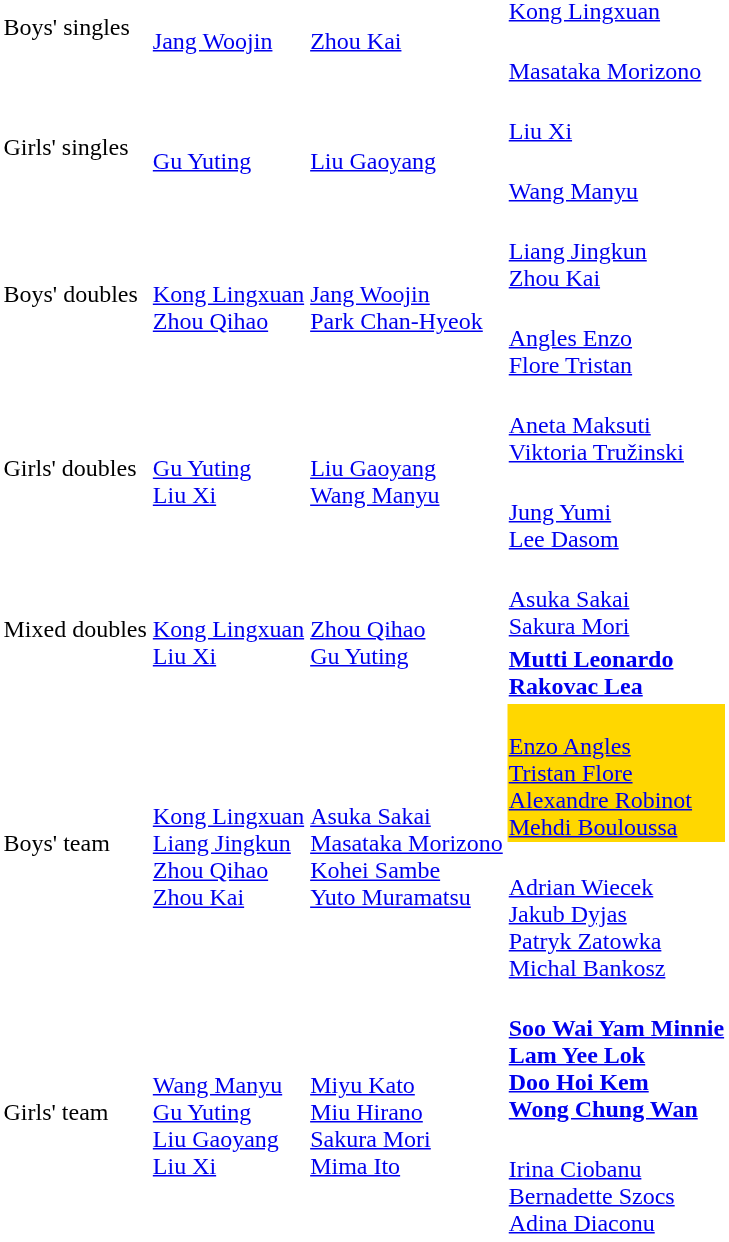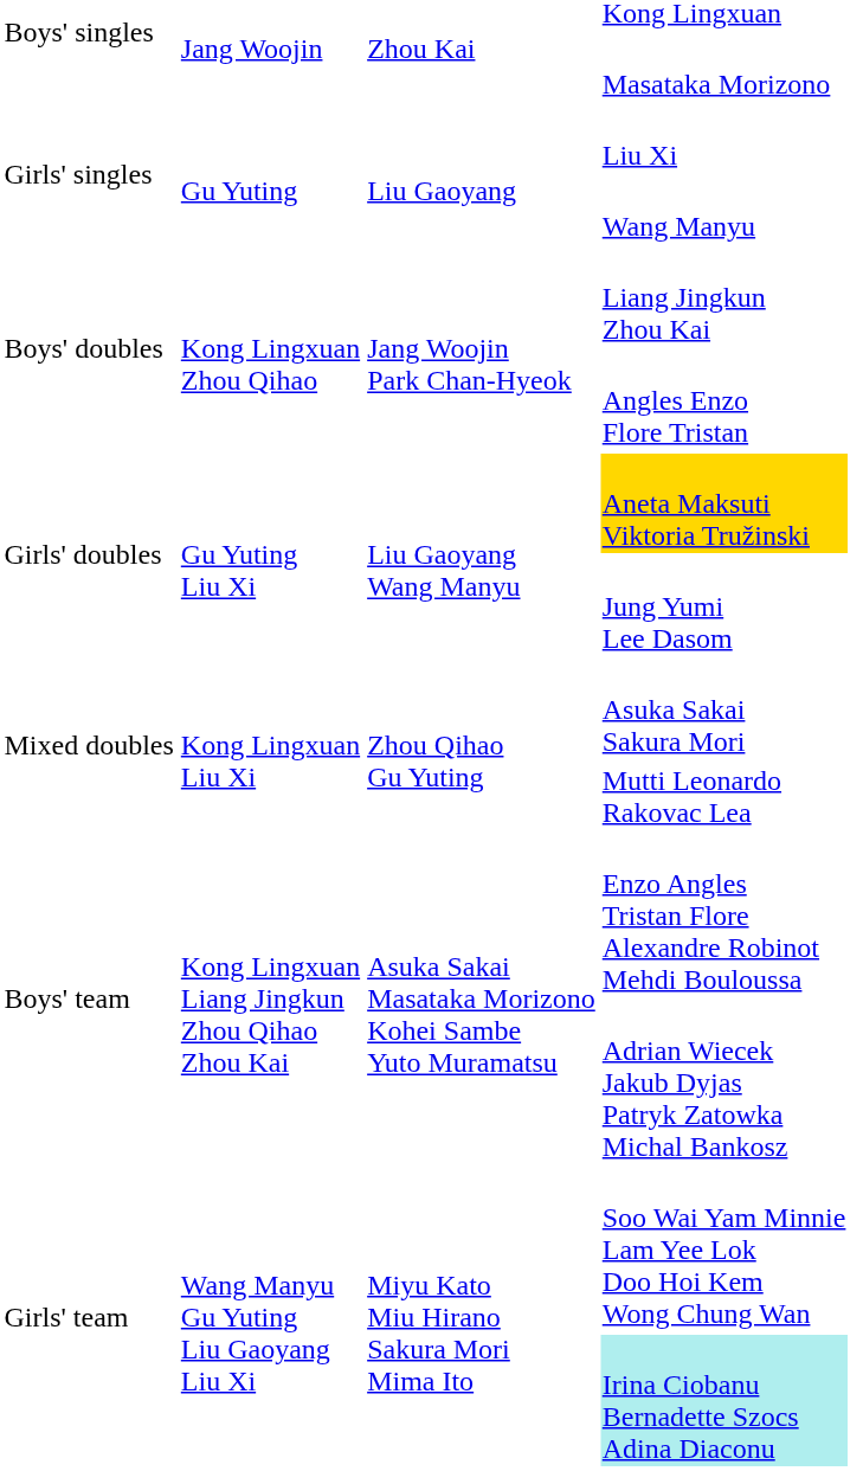 <table>
 <tr>
 <td rowspan=2>Boys' singles</td>
 <td rowspan=2><br><a href='#'>Jang Woojin</a></td>
 <td rowspan=2><br><a href='#'>Zhou Kai</a></td>
 <td><br><a href='#'>Kong Lingxuan</a></td>
 </tr>
 <tr>
 <td><br><a href='#'>Masataka Morizono</a></td>
 </tr>
 <tr>
 <td rowspan=2>Girls' singles</td>
 <td rowspan=2><br><a href='#'>Gu Yuting</a></td>
 <td rowspan=2><br><a href='#'>Liu Gaoyang</a></td>
 <td><br><a href='#'>Liu Xi</a></td>
 </tr>
 <tr>
 <td><br><a href='#'>Wang Manyu</a></td>
 </tr>
 <tr>
 <td rowspan=2>Boys' doubles</td>
 <td rowspan=2><br><a href='#'>Kong Lingxuan</a><br><a href='#'>Zhou Qihao</a></td>
 <td rowspan=2><br><a href='#'>Jang Woojin</a><br><a href='#'>Park Chan-Hyeok</a></td>
 <td><br><a href='#'>Liang Jingkun</a><br><a href='#'>Zhou Kai</a></td>
 </tr>
 <tr>
 <td><br><a href='#'>Angles Enzo</a><br><a href='#'>Flore Tristan</a></td>
 </tr>
 <tr>
 <td rowspan=2>Girls' doubles</td>
 <td rowspan=2><br><a href='#'>Gu Yuting</a><br><a href='#'>Liu Xi</a></td>
 <td rowspan=2><br><a href='#'>Liu Gaoyang</a><br><a href='#'>Wang Manyu</a></td>
-<td><br><a href='#'>Aneta Maksuti</a><br><a href='#'>Viktoria Tružinski</a></td>
+<td style="background: gold;"><br><a href='#'>Aneta Maksuti</a><br><a href='#'>Viktoria Tružinski</a></td>
 </tr>
 <tr>
 <td><br><a href='#'>Jung Yumi</a><br><a href='#'>Lee Dasom</a></td>
 </tr>
 <tr>
 <td rowspan=2>Mixed doubles</td>
 <td rowspan=2><br><a href='#'>Kong Lingxuan</a><br><a href='#'>Liu Xi</a></td>
 <td rowspan=2><br><a href='#'>Zhou Qihao</a><br><a href='#'>Gu Yuting</a></td>
 <td><br><a href='#'>Asuka Sakai</a><br><a href='#'>Sakura Mori</a></td>
 </tr>
 <tr>
-<td><strong> <a href='#'>Mutti Leonardo</a><br> <a href='#'>Rakovac Lea</a></strong></td>
+<td> <a href='#'>Mutti Leonardo</a><br> <a href='#'>Rakovac Lea</a></td>
 </tr>
 <tr>
 <td rowspan=2>Boys' team</td>
 <td rowspan=2><br><a href='#'>Kong Lingxuan</a><br><a href='#'>Liang Jingkun</a><br><a href='#'>Zhou Qihao</a><br><a href='#'>Zhou Kai</a></td>
 <td rowspan=2><br><a href='#'>Asuka Sakai</a><br><a href='#'>Masataka Morizono</a><br><a href='#'>Kohei Sambe</a><br><a href='#'>Yuto Muramatsu</a></td>
-<td style="background: gold;"><br><a href='#'>Enzo Angles</a><br><a href='#'>Tristan Flore</a><br><a href='#'>Alexandre Robinot</a><br><a href='#'>Mehdi Bouloussa</a></td>
+<td><br><a href='#'>Enzo Angles</a><br><a href='#'>Tristan Flore</a><br><a href='#'>Alexandre Robinot</a><br><a href='#'>Mehdi Bouloussa</a></td>
 </tr>
 <tr>
 <td><br><a href='#'>Adrian Wiecek</a><br><a href='#'>Jakub Dyjas</a><br><a href='#'>Patryk Zatowka</a><br><a href='#'>Michal Bankosz</a></td>
 </tr>
 <tr>
 <td rowspan=2>Girls' team</td>
 <td rowspan=2><br><a href='#'>Wang Manyu</a><br><a href='#'>Gu Yuting</a><br><a href='#'>Liu Gaoyang</a><br><a href='#'>Liu Xi</a></td>
 <td rowspan=2><br><a href='#'>Miyu Kato</a><br><a href='#'>Miu Hirano</a><br><a href='#'>Sakura Mori</a><br><a href='#'>Mima Ito</a></td>
-<td><strong><br><a href='#'>Soo Wai Yam Minnie</a><br><a href='#'>Lam Yee Lok</a><br><a href='#'>Doo Hoi Kem</a><br><a href='#'>Wong Chung Wan</a></strong></td>
+<td><br><a href='#'>Soo Wai Yam Minnie</a><br><a href='#'>Lam Yee Lok</a><br><a href='#'>Doo Hoi Kem</a><br><a href='#'>Wong Chung Wan</a></td>
 </tr>
 <tr>
-<td><br><a href='#'>Irina Ciobanu</a><br><a href='#'>Bernadette Szocs</a><br><a href='#'>Adina Diaconu</a></td>
+<td style="background: paleturquoise;"><br><a href='#'>Irina Ciobanu</a><br><a href='#'>Bernadette Szocs</a><br><a href='#'>Adina Diaconu</a></td>
 </tr>
 </table>
